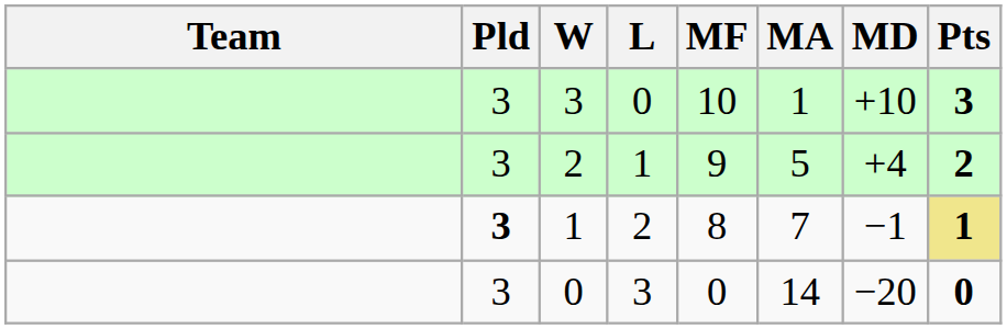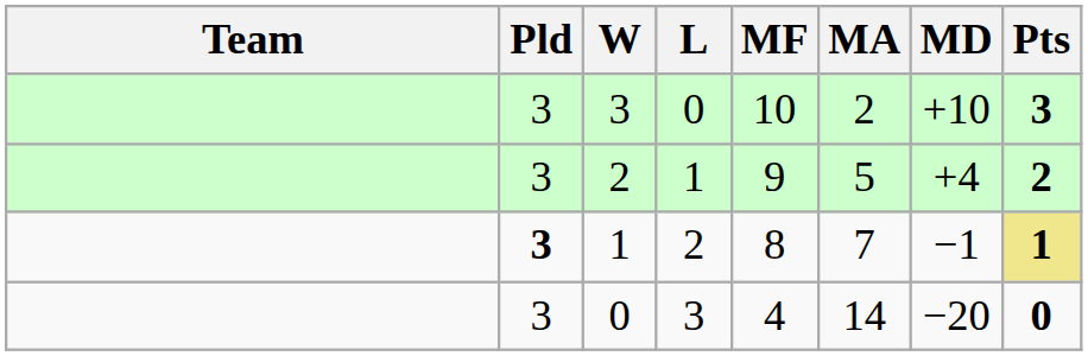 <table class=wikitable style="text-align:center">
 <tr>
 <th width=175>Team</th>
 <th width=20>Pld</th>
 <th width=20>W</th>
 <th width=20>L</th>
 <th width=20>MF</th>
 <th width=20>MA</th>
 <th width=20>MD</th>
 <th width=20>Pts</th>
 </tr>
 <tr bgcolor=ccffcc>
 <td align=left></td>
 <td>3</td>
 <td>3</td>
 <td>0</td>
 <td>10</td>
-<td>1</td>
+<td>2</td>
 <td>+10</td>
 <td><strong>3</strong></td>
 </tr>
 <tr bgcolor=ccffcc>
 <td align=left></td>
 <td>3</td>
 <td>2</td>
 <td>1</td>
 <td>9</td>
 <td>5</td>
 <td>+4</td>
 <td><strong>2</strong></td>
 </tr>
 <tr>
 <td align=left></td>
 <td><strong>3</strong></td>
 <td>1</td>
 <td>2</td>
 <td>8</td>
 <td>7</td>
 <td>−1</td>
 <td style="background: khaki;"><strong>1</strong></td>
 </tr>
 <tr>
 <td align=left></td>
 <td>3</td>
 <td>0</td>
 <td>3</td>
-<td>0</td>
+<td>4</td>
 <td>14</td>
 <td>−20</td>
 <td><strong>0</strong></td>
 </tr>
 </table>
